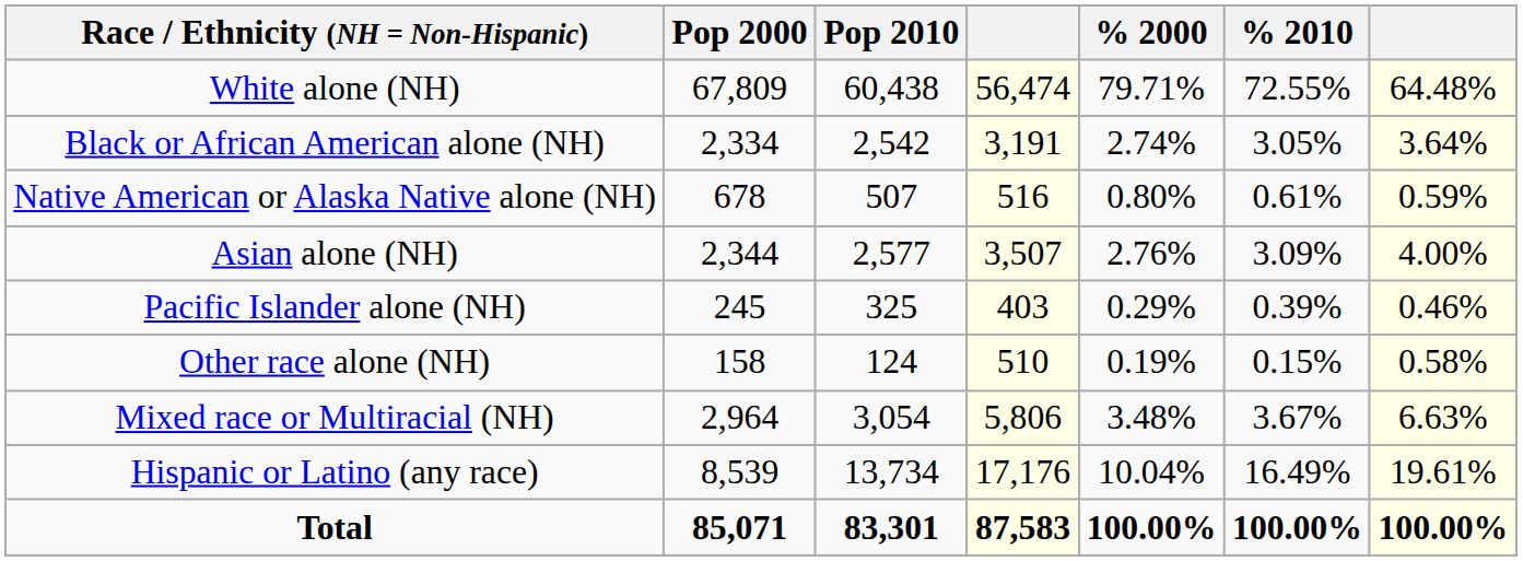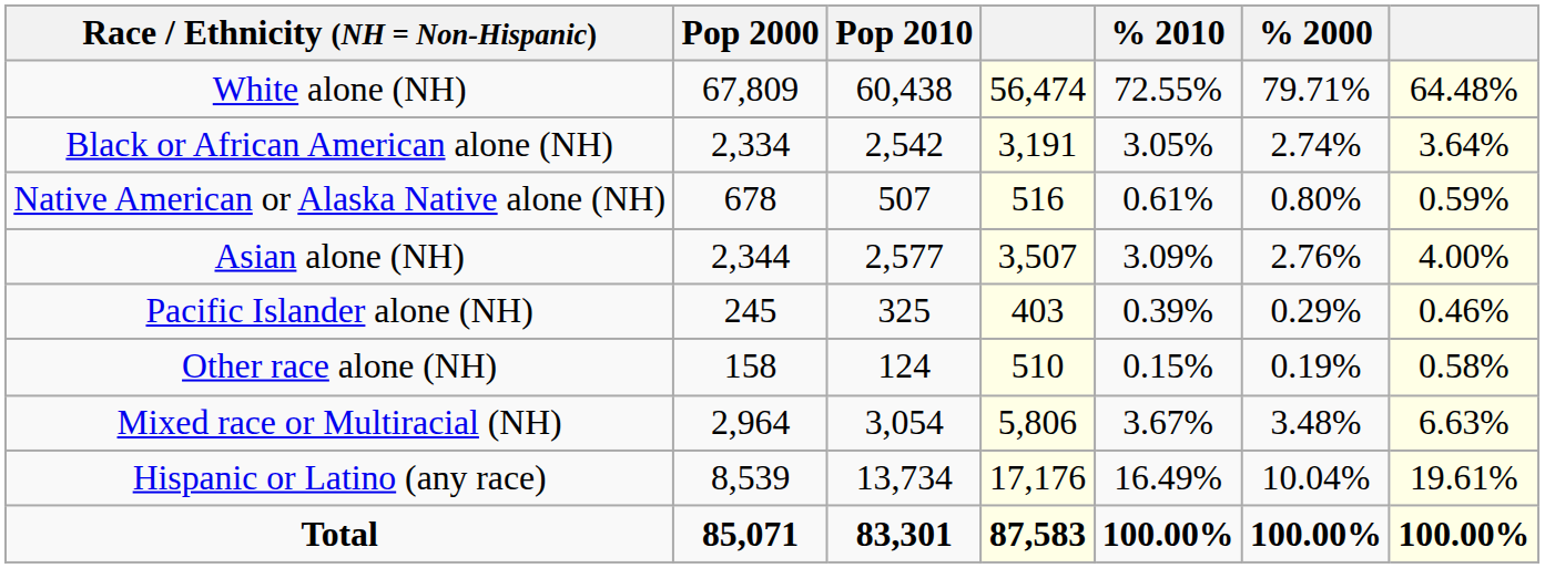 <table class="wikitable" style="text-align:center;">
 <tr>
 <th>Race / Ethnicity <small>(<em>NH = Non-Hispanic</em>)</small></th>
 <th>Pop 2000</th>
 <th>Pop 2010</th>
 <th></th>
+<th>% 2010</th>
 <th>% 2000</th>
-<th>% 2010</th>
 <th></th>
 </tr>
 <tr>
 <td><a href='#'>White</a> alone (NH)</td>
 <td>67,809</td>
 <td>60,438</td>
 <td style='background: #ffffe6;'>56,474</td>
+<td>72.55%</td>
 <td>79.71%</td>
-<td>72.55%</td>
 <td style='background: #ffffe6;'>64.48%</td>
 </tr>
 <tr>
 <td><a href='#'>Black or African American</a> alone (NH)</td>
 <td>2,334</td>
 <td>2,542</td>
 <td style='background: #ffffe6;'>3,191</td>
+<td>3.05%</td>
 <td>2.74%</td>
-<td>3.05%</td>
 <td style='background: #ffffe6;'>3.64%</td>
 </tr>
 <tr>
 <td><a href='#'>Native American</a> or <a href='#'>Alaska Native</a> alone (NH)</td>
 <td>678</td>
 <td>507</td>
 <td style='background: #ffffe6;'>516</td>
+<td>0.61%</td>
 <td>0.80%</td>
-<td>0.61%</td>
 <td style='background: #ffffe6;'>0.59%</td>
 </tr>
 <tr>
 <td><a href='#'>Asian</a> alone (NH)</td>
 <td>2,344</td>
 <td>2,577</td>
 <td style='background: #ffffe6;'>3,507</td>
+<td>3.09%</td>
 <td>2.76%</td>
-<td>3.09%</td>
 <td style='background: #ffffe6;'>4.00%</td>
 </tr>
 <tr>
 <td><a href='#'>Pacific Islander</a> alone (NH)</td>
 <td>245</td>
 <td>325</td>
 <td style='background: #ffffe6;'>403</td>
+<td>0.39%</td>
 <td>0.29%</td>
-<td>0.39%</td>
 <td style='background: #ffffe6;'>0.46%</td>
 </tr>
 <tr>
 <td><a href='#'>Other race</a> alone (NH)</td>
 <td>158</td>
 <td>124</td>
 <td style='background: #ffffe6;'>510</td>
+<td>0.15%</td>
 <td>0.19%</td>
-<td>0.15%</td>
 <td style='background: #ffffe6;'>0.58%</td>
 </tr>
 <tr>
 <td><a href='#'>Mixed race or Multiracial</a> (NH)</td>
 <td>2,964</td>
 <td>3,054</td>
 <td style='background: #ffffe6;'>5,806</td>
+<td>3.67%</td>
 <td>3.48%</td>
-<td>3.67%</td>
 <td style='background: #ffffe6;'>6.63%</td>
 </tr>
 <tr>
 <td><a href='#'>Hispanic or Latino</a> (any race)</td>
 <td>8,539</td>
 <td>13,734</td>
 <td style='background: #ffffe6;'>17,176</td>
+<td>16.49%</td>
 <td>10.04%</td>
-<td>16.49%</td>
 <td style='background: #ffffe6;'>19.61%</td>
 </tr>
 <tr>
 <td><strong>Total</strong></td>
 <td><strong>85,071</strong></td>
 <td><strong>83,301</strong></td>
 <td style='background: #ffffe6;'><strong>87,583</strong></td>
 <td><strong>100.00%</strong></td>
 <td><strong>100.00%</strong></td>
 <td style='background: #ffffe6;'><strong>100.00%</strong></td>
 </tr>
 </table>
